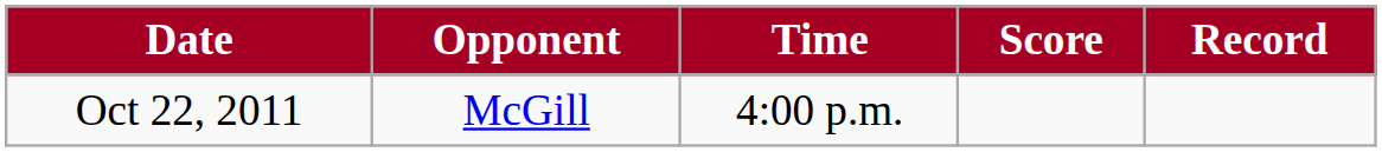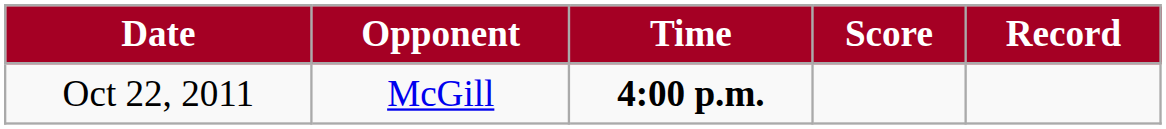 <table class="wikitable" width="80%">
 <tr align="center"  style=" background:#A50024;color:#FFFFFF;">
 <td><strong>Date</strong></td>
 <td><strong>Opponent</strong></td>
 <td><strong>Time</strong></td>
 <td><strong>Score</strong></td>
 <td><strong>Record</strong></td>
 </tr>
 <tr align="center" bgcolor="">
 <td>Oct 22, 2011</td>
 <td><a href='#'>McGill</a></td>
-<td>4:00 p.m.</td>
+<td><strong>4:00 p.m.</strong></td>
 <td></td>
 </tr>
 </table>
